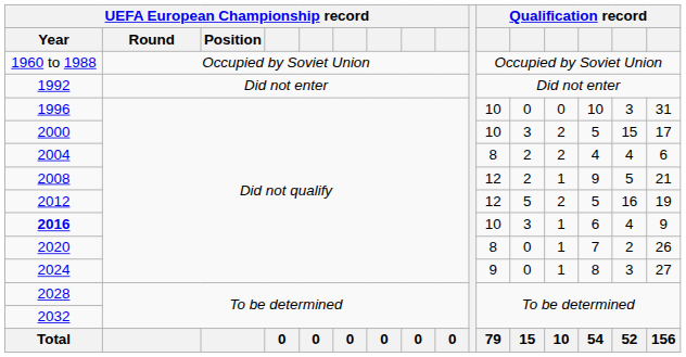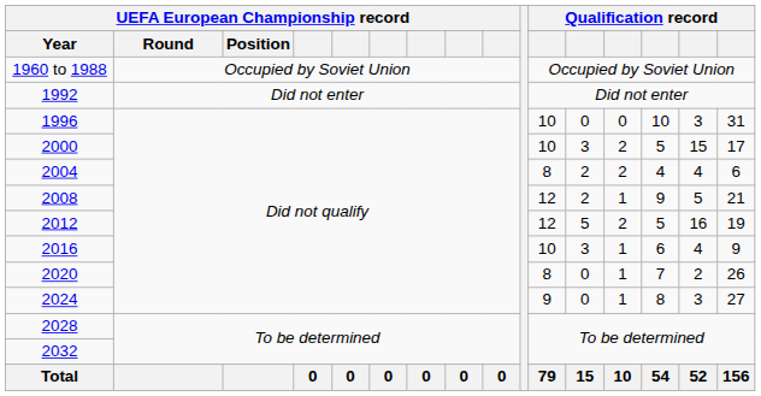 <table class="wikitable" style="text-align: center;">
 <tr>
 <th colspan=9><a href='#'>UEFA European Championship</a> record</th>
 <th rowspan=50></th>
 <th colspan=6><a href='#'>Qualification</a> record</th>
 </tr>
 <tr>
 <th width=100>Year</th>
 <th width=100>Round</th>
 <th width=60>Position</th>
 <th width=30></th>
 <th width=30></th>
 <th width=30></th>
 <th width=30></th>
 <th width=30></th>
 <th width=30></th>
 <th width=30></th>
 <th width=30></th>
 <th width=30></th>
 <th width=30></th>
 <th width=30></th>
 <th width=30></th>
 </tr>
 <tr>
 <td> <a href='#'>1960</a> to  <a href='#'>1988</a></td>
 <td colspan=8><em>Occupied by Soviet Union</em></td>
 <td colspan=6><em>Occupied by Soviet Union</em></td>
 </tr>
 <tr>
 <td> <a href='#'>1992</a></td>
 <td colspan=8><em>Did not enter</em></td>
 <td colspan=6><em>Did not enter</em></td>
 </tr>
 <tr>
 <td> <a href='#'>1996</a></td>
 <td colspan="8" rowspan="8"><em>Did not qualify</em></td>
 <td>10</td>
 <td>0</td>
 <td>0</td>
 <td>10</td>
 <td>3</td>
 <td>31</td>
 </tr>
 <tr>
 <td>  <a href='#'>2000</a></td>
 <td>10</td>
 <td>3</td>
 <td>2</td>
 <td>5</td>
 <td>15</td>
 <td>17</td>
 </tr>
 <tr>
 <td> <a href='#'>2004</a></td>
 <td>8</td>
 <td>2</td>
 <td>2</td>
 <td>4</td>
 <td>4</td>
 <td>6</td>
 </tr>
 <tr>
 <td>  <a href='#'>2008</a></td>
 <td>12</td>
 <td>2</td>
 <td>1</td>
 <td>9</td>
 <td>5</td>
 <td>21</td>
 </tr>
 <tr>
 <td>  <a href='#'>2012</a></td>
 <td>12</td>
 <td>5</td>
 <td>2</td>
 <td>5</td>
 <td>16</td>
 <td>19</td>
 </tr>
 <tr>
-<td><strong> <a href='#'>2016</a></strong></td>
+<td> <a href='#'>2016</a></td>
 <td>10</td>
 <td>3</td>
 <td>1</td>
 <td>6</td>
 <td>4</td>
 <td>9</td>
 </tr>
 <tr>
 <td> <a href='#'>2020</a></td>
 <td>8</td>
 <td>0</td>
 <td>1</td>
 <td>7</td>
 <td>2</td>
 <td>26</td>
 </tr>
 <tr>
 <td> <a href='#'>2024</a></td>
 <td>9</td>
 <td>0</td>
 <td>1</td>
 <td>8</td>
 <td>3</td>
 <td>27</td>
 </tr>
 <tr>
 <td>  <a href='#'>2028</a></td>
 <td colspan="8" rowspan="2"><em>To be determined</em></td>
 <td colspan="6" rowspan="2"><em>To be determined</em></td>
 </tr>
 <tr>
 <td>  <a href='#'>2032</a></td>
 </tr>
 <tr>
 <th>Total</th>
 <th></th>
 <th></th>
 <th>0</th>
 <th>0</th>
 <th>0</th>
 <th>0</th>
 <th>0</th>
 <th>0</th>
 <th>79</th>
 <th>15</th>
 <th>10</th>
 <th>54</th>
 <th>52</th>
 <th>156</th>
 </tr>
 </table>
